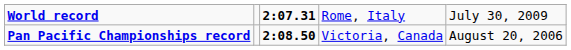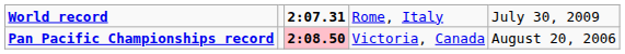 <table class="wikitable">
 <tr>
 <td><strong><a href='#'>World record</a></strong></td>
 <td></td>
 <td><strong>2:07.31</strong></td>
 <td><a href='#'>Rome</a>, <a href='#'>Italy</a></td>
 <td>July 30, 2009</td>
 </tr>
 <tr>
 <td><strong><a href='#'>Pan Pacific Championships record</a></strong></td>
 <td></td>
-<td><strong>2:08.50</strong></td>
+<td style="background: pink;"><strong>2:08.50</strong></td>
 <td><a href='#'>Victoria</a>, <a href='#'>Canada</a></td>
 <td>August 20, 2006</td>
 </tr>
 </table>
